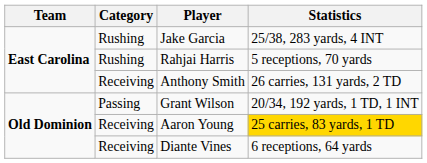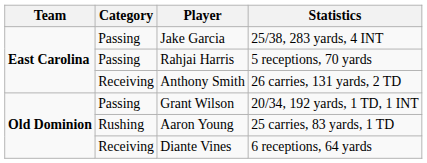 <table class="wikitable" style="float: right;">
 <tr>
 <th>Team</th>
 <th>Category</th>
 <th>Player</th>
 <th>Statistics</th>
 </tr>
 <tr>
 <td rowspan=3><strong>East Carolina</strong></td>
-<td>Rushing</td>
+<td>Passing</td>
 <td>Jake Garcia</td>
 <td>25/38, 283 yards, 4 INT</td>
 </tr>
 <tr>
-<td>Rushing</td>
+<td>Passing</td>
 <td>Rahjai Harris</td>
 <td>5 receptions, 70 yards</td>
 </tr>
 <tr>
 <td>Receiving</td>
 <td>Anthony Smith</td>
 <td>26 carries, 131 yards, 2 TD</td>
 </tr>
 <tr>
 <td rowspan=3><strong>Old Dominion</strong></td>
 <td>Passing</td>
 <td>Grant Wilson</td>
 <td>20/34, 192 yards, 1 TD, 1 INT</td>
 </tr>
 <tr>
-<td>Receiving</td>
+<td>Rushing</td>
 <td>Aaron Young</td>
-<td style="background: gold;">25 carries, 83 yards, 1 TD</td>
+<td>25 carries, 83 yards, 1 TD</td>
 </tr>
 <tr>
 <td>Receiving</td>
 <td>Diante Vines</td>
 <td>6 receptions, 64 yards</td>
 </tr>
 </table>
